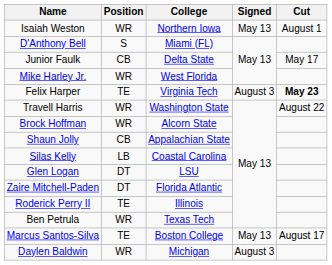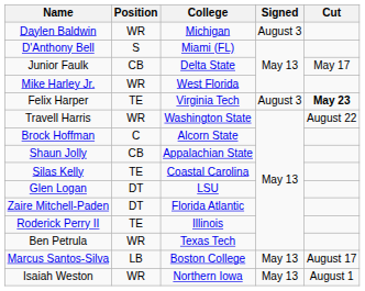 <table class="wikitable" style="text-align:center">
 <tr>
 <th>Name</th>
 <th>Position</th>
 <th>College</th>
 <th>Signed</th>
 <th>Cut</th>
 </tr>
 <tr>
-<td>Isaiah Weston</td>
+<td><a href='#'>Daylen Baldwin</a></td>
 <td>WR</td>
-<td><a href='#'>Northern Iowa</a></td>
-<td>May 13</td>
-<td>August 1</td>
+<td><a href='#'>Michigan</a></td>
+<td>August 3</td>
+<td></td>
 </tr>
 <tr>
 <td><a href='#'>D'Anthony Bell</a></td>
 <td>S</td>
 <td><a href='#'>Miami (FL)</a></td>
 <td rowspan="3">May 13</td>
 <td></td>
 </tr>
 <tr>
 <td>Junior Faulk</td>
 <td>CB</td>
 <td><a href='#'>Delta State</a></td>
 <td>May 17</td>
 </tr>
 <tr>
 <td><a href='#'>Mike Harley Jr.</a></td>
 <td>WR</td>
 <td><a href='#'>West Florida</a></td>
 <td></td>
 </tr>
 <tr>
 <td>Felix Harper</td>
 <td>TE</td>
 <td><a href='#'>Virginia Tech</a></td>
 <td>August 3</td>
 <td><strong>May 23</strong></td>
 </tr>
 <tr>
 <td>Travell Harris</td>
 <td>WR</td>
 <td><a href='#'>Washington State</a></td>
 <td rowspan = 8>May 13</td>
 <td>August 22</td>
 </tr>
 <tr>
 <td><a href='#'>Brock Hoffman</a></td>
-<td>WR</td>
+<td>C</td>
 <td><a href='#'>Alcorn State</a></td>
 <td></td>
 </tr>
 <tr>
 <td><a href='#'>Shaun Jolly</a></td>
 <td>CB</td>
 <td><a href='#'>Appalachian State</a></td>
 <td></td>
 </tr>
 <tr>
 <td><a href='#'>Silas Kelly</a></td>
-<td>LB</td>
+<td>TE</td>
 <td><a href='#'>Coastal Carolina</a></td>
 <td></td>
 </tr>
 <tr>
 <td><a href='#'>Glen Logan</a></td>
 <td>DT</td>
 <td><a href='#'>LSU</a></td>
 <td></td>
 </tr>
 <tr>
 <td><a href='#'>Zaire Mitchell-Paden</a></td>
 <td>DT</td>
 <td><a href='#'>Florida Atlantic</a></td>
 <td></td>
 </tr>
 <tr>
 <td><a href='#'>Roderick Perry II</a></td>
 <td>TE</td>
 <td><a href='#'>Illinois</a></td>
 <td></td>
 </tr>
 <tr>
 <td>Ben Petrula</td>
 <td>WR</td>
 <td><a href='#'>Texas Tech</a></td>
 <td></td>
 </tr>
 <tr>
 <td><a href='#'>Marcus Santos-Silva</a></td>
-<td>TE</td>
+<td>LB</td>
 <td><a href='#'>Boston College</a></td>
 <td>May 13</td>
 <td>August 17</td>
 </tr>
 <tr>
-<td><a href='#'>Daylen Baldwin</a></td>
+<td>Isaiah Weston</td>
 <td>WR</td>
-<td><a href='#'>Michigan</a></td>
-<td>August 3</td>
-<td></td>
+<td><a href='#'>Northern Iowa</a></td>
+<td>May 13</td>
+<td>August 1</td>
 </tr>
 </table>
